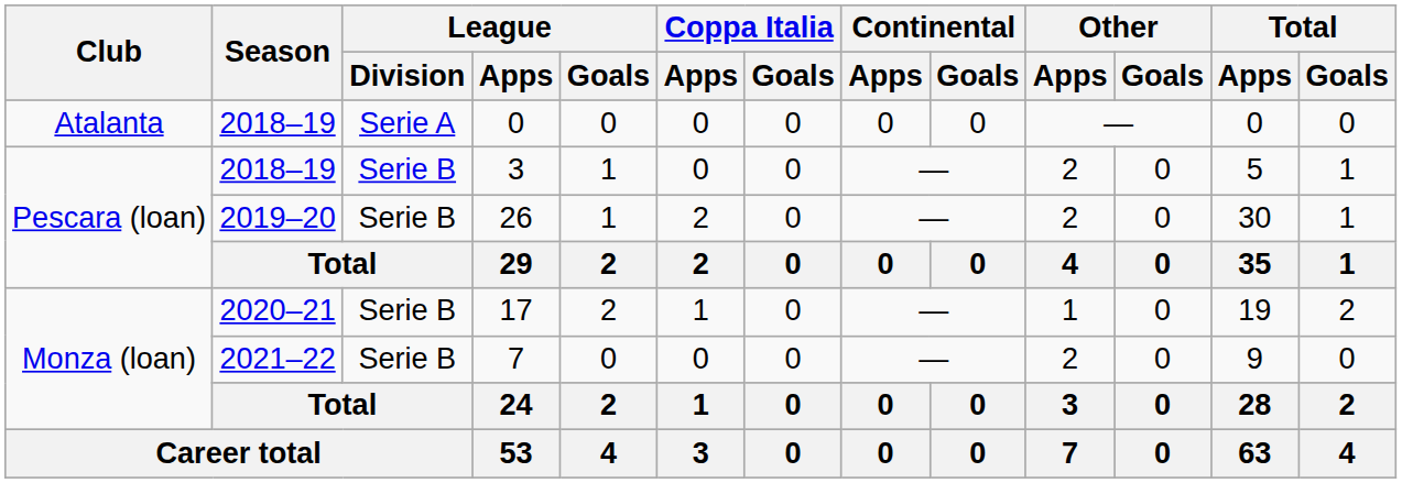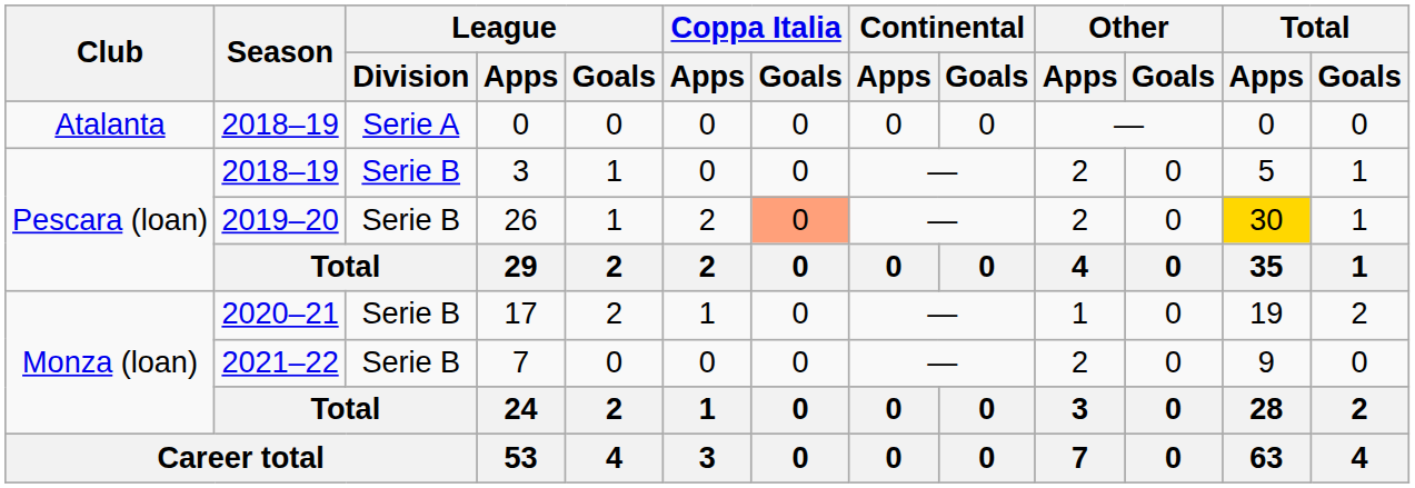 <table class="wikitable" style="text-align: center">
 <tr>
 <th rowspan="2">Club</th>
 <th rowspan="2">Season</th>
 <th colspan="3">League</th>
 <th colspan="2"><a href='#'>Coppa Italia</a></th>
 <th colspan="2">Continental</th>
 <th colspan="2">Other</th>
 <th colspan="2">Total</th>
 </tr>
 <tr>
 <th>Division</th>
 <th>Apps</th>
 <th>Goals</th>
 <th>Apps</th>
 <th>Goals</th>
 <th>Apps</th>
 <th>Goals</th>
 <th>Apps</th>
 <th>Goals</th>
 <th>Apps</th>
 <th>Goals</th>
 </tr>
 <tr>
 <td><a href='#'>Atalanta</a></td>
 <td><a href='#'>2018–19</a></td>
 <td><a href='#'>Serie A</a></td>
 <td>0</td>
 <td>0</td>
 <td>0</td>
 <td>0</td>
 <td>0</td>
 <td>0</td>
 <td colspan="2">—</td>
 <td>0</td>
 <td>0</td>
 </tr>
 <tr>
 <td rowspan="3"><a href='#'>Pescara</a> (loan)</td>
 <td><a href='#'>2018–19</a></td>
 <td><a href='#'>Serie B</a></td>
 <td>3</td>
 <td>1</td>
 <td>0</td>
 <td>0</td>
 <td colspan="2">—</td>
 <td>2</td>
 <td>0</td>
 <td>5</td>
 <td>1</td>
 </tr>
 <tr>
 <td><a href='#'>2019–20</a></td>
 <td>Serie B</td>
 <td>26</td>
 <td>1</td>
 <td>2</td>
-<td>0</td>
+<td style="background: lightsalmon;">0</td>
 <td colspan="2">—</td>
 <td>2</td>
 <td>0</td>
-<td>30</td>
+<td style="background: gold;">30</td>
 <td>1</td>
 </tr>
 <tr>
 <th colspan="2">Total</th>
 <th>29</th>
 <th>2</th>
 <th>2</th>
 <th>0</th>
 <th>0</th>
 <th>0</th>
 <th>4</th>
 <th>0</th>
 <th>35</th>
 <th>1</th>
 </tr>
 <tr>
 <td rowspan="3"><a href='#'>Monza</a> (loan)</td>
 <td><a href='#'>2020–21</a></td>
 <td>Serie B</td>
 <td>17</td>
 <td>2</td>
 <td>1</td>
 <td>0</td>
 <td colspan="2">—</td>
 <td>1</td>
 <td>0</td>
 <td>19</td>
 <td>2</td>
 </tr>
 <tr>
 <td><a href='#'>2021–22</a></td>
 <td>Serie B</td>
 <td>7</td>
 <td>0</td>
 <td>0</td>
 <td>0</td>
 <td colspan="2">—</td>
 <td>2</td>
 <td>0</td>
 <td>9</td>
 <td>0</td>
 </tr>
 <tr>
 <th colspan="2">Total</th>
 <th>24</th>
 <th>2</th>
 <th>1</th>
 <th>0</th>
 <th>0</th>
 <th>0</th>
 <th>3</th>
 <th>0</th>
 <th>28</th>
 <th>2</th>
 </tr>
 <tr>
 <th colspan="3">Career total</th>
 <th>53</th>
 <th>4</th>
 <th>3</th>
 <th>0</th>
 <th>0</th>
 <th>0</th>
 <th>7</th>
 <th>0</th>
 <th>63</th>
 <th>4</th>
 </tr>
 </table>
